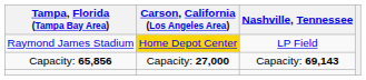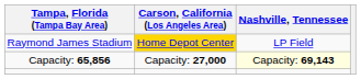 <table class=wikitable style="text-align:center"">
 <tr>
 <th><a href='#'>Tampa</a>, <a href='#'>Florida</a><br><small>(<a href='#'>Tampa Bay Area</a>)</small></th>
 <th><a href='#'>Carson</a>, <a href='#'>California</a><br><small>(<a href='#'>Los Angeles Area</a>)</small></th>
 <th><a href='#'>Nashville</a>, <a href='#'>Tennessee</a></th>
 <th colspan="1" rowspan="4"></th>
 </tr>
 <tr>
 <td><a href='#'>Raymond James Stadium</a></td>
 <td style="background: gold;"><a href='#'>Home Depot Center</a></td>
 <td><a href='#'>LP Field</a></td>
 </tr>
 <tr>
 <td>Capacity: <strong>65,856</strong></td>
 <td>Capacity: <strong>27,000</strong></td>
-<td>Capacity: <strong>69,143</strong></td>
+<td style="background: lightyellow;">Capacity: <strong>69,143</strong></td>
 </tr>
 <tr>
 <td></td>
 <td></td>
 <td></td>
 </tr>
 </table>
